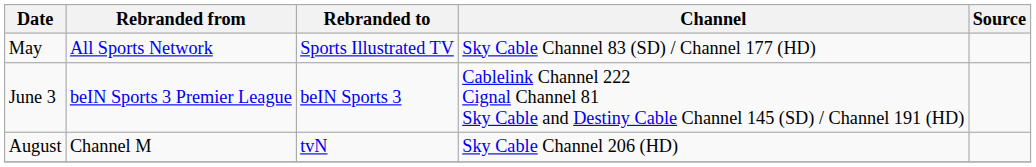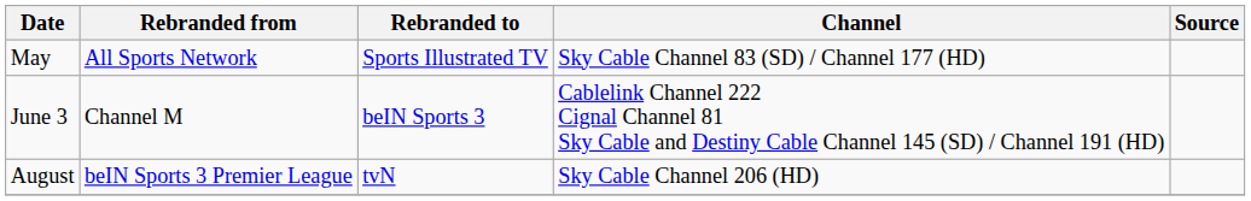 <table class="wikitable">
 <tr>
 <th>Date</th>
 <th>Rebranded from</th>
 <th>Rebranded to</th>
 <th>Channel</th>
 <th>Source</th>
 </tr>
 <tr>
 <td>May</td>
 <td><a href='#'>All Sports Network</a></td>
 <td><a href='#'>Sports Illustrated TV</a></td>
 <td><a href='#'>Sky Cable</a> Channel 83 (SD) / Channel 177 (HD)</td>
 <td></td>
 </tr>
 <tr>
 <td>June 3</td>
-<td><a href='#'>beIN Sports 3 Premier League</a></td>
+<td>Channel M</td>
 <td><a href='#'>beIN Sports 3</a></td>
 <td><a href='#'>Cablelink</a> Channel 222<br><a href='#'>Cignal</a> Channel 81<br><a href='#'>Sky Cable</a> and <a href='#'>Destiny Cable</a> Channel 145 (SD) / Channel 191 (HD)</td>
 <td></td>
 </tr>
 <tr>
 <td>August</td>
-<td>Channel M</td>
+<td><a href='#'>beIN Sports 3 Premier League</a></td>
 <td><a href='#'>tvN</a><br></td>
 <td><a href='#'>Sky Cable</a> Channel 206 (HD)</td>
 <td></td>
 </tr>
 <tr>
 </tr>
 </table>
